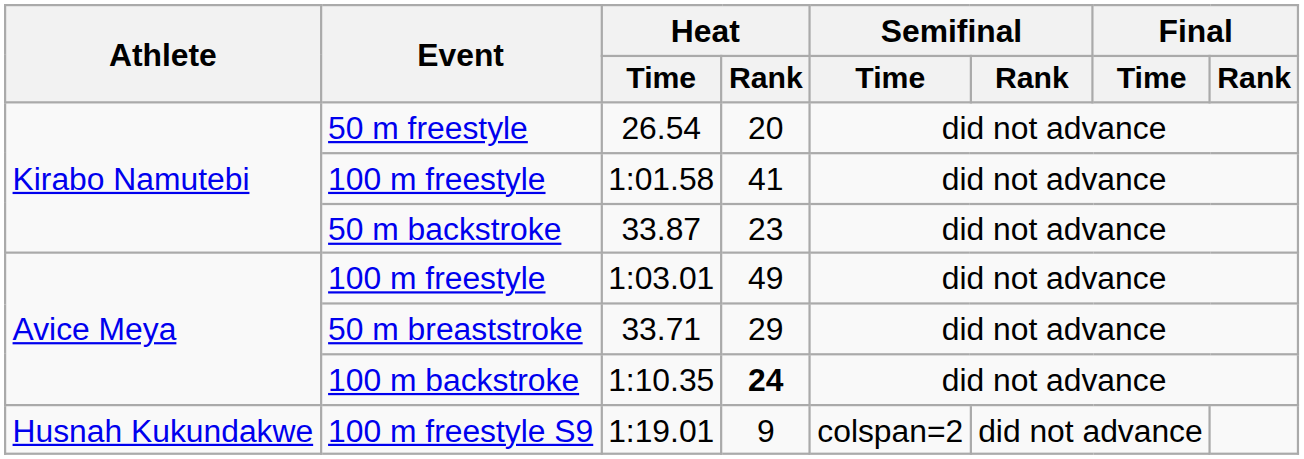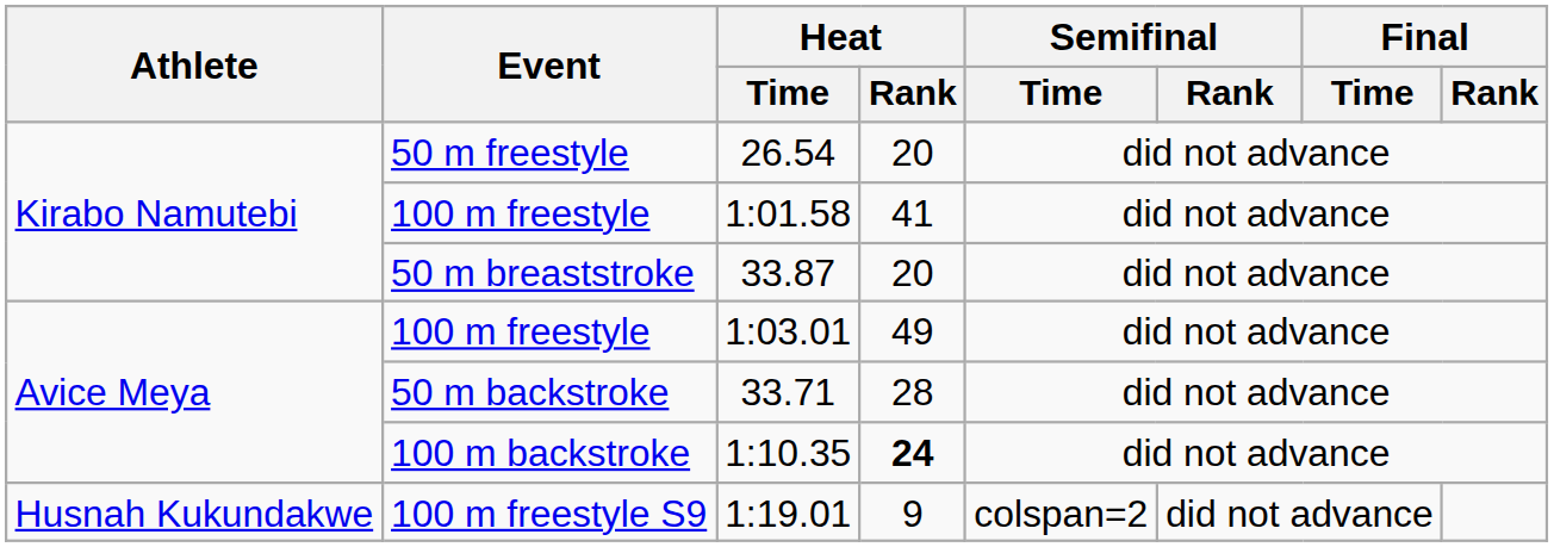 <table class=wikitable style=font-size:90%>
 <tr>
 <th rowspan=2>Athlete</th>
 <th rowspan=2>Event</th>
 <th colspan=2>Heat</th>
 <th colspan=2>Semifinal</th>
 <th colspan=2>Final</th>
 </tr>
 <tr style=font-size:95%>
 <th>Time</th>
 <th>Rank</th>
 <th>Time</th>
 <th>Rank</th>
 <th>Time</th>
 <th>Rank</th>
 </tr>
 <tr align=center>
 <td align=left rowspan=3><a href='#'>Kirabo Namutebi</a></td>
 <td align=left rowspan="1"><a href='#'>50 m freestyle</a></td>
 <td>26.54</td>
 <td>20</td>
 <td colspan=4>did not advance</td>
 </tr>
 <tr align=center>
 <td align=left rowspan="1"><a href='#'>100 m freestyle</a></td>
 <td>1:01.58</td>
 <td>41</td>
 <td colspan=4>did not advance</td>
 </tr>
 <tr align=center>
-<td align=left rowspan="1"><a href='#'>50 m backstroke</a></td>
+<td align=left rowspan="1"><a href='#'>50 m breaststroke</a></td>
 <td>33.87</td>
-<td>23</td>
+<td>20</td>
 <td colspan=4>did not advance</td>
 </tr>
 <tr align=center>
 <td align=left rowspan=3><a href='#'>Avice Meya</a></td>
 <td align=left rowspan="1"><a href='#'>100 m freestyle</a></td>
 <td>1:03.01</td>
 <td>49</td>
 <td colspan=4>did not advance</td>
 </tr>
 <tr align=center>
-<td align=left rowspan="1"><a href='#'>50 m breaststroke</a></td>
+<td align=left rowspan="1"><a href='#'>50 m backstroke</a></td>
 <td>33.71</td>
-<td>29</td>
+<td>28</td>
 <td colspan=4>did not advance</td>
 </tr>
 <tr align=center>
 <td align=left rowspan="1"><a href='#'>100 m backstroke</a></td>
 <td>1:10.35</td>
 <td><strong>24</strong></td>
 <td colspan=4>did not advance</td>
 </tr>
 <tr align=center>
 <td align=left><a href='#'>Husnah Kukundakwe</a></td>
 <td align=left rowspan="1"><a href='#'>100 m freestyle S9</a></td>
 <td>1:19.01</td>
 <td>9</td>
 <td>colspan=2 </td>
 <td colspan=2>did not advance</td>
 </tr>
 </table>
